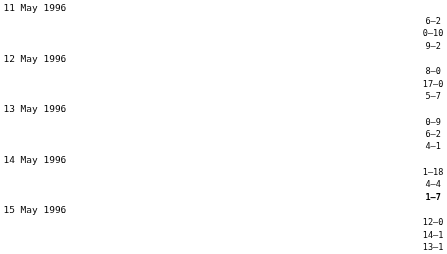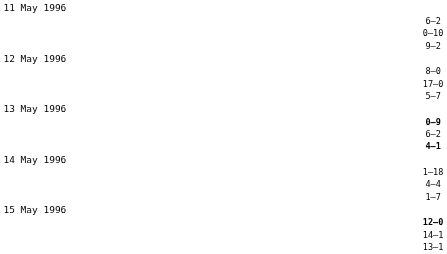 <table style="width:70%;" cellspacing="1">
 <tr>
 <th width=35%></th>
 <th width=15%></th>
 <th></th>
 </tr>
 <tr>
 <td>11 May 1996</td>
 </tr>
 <tr style=font-size:90%>
 <td align=right></td>
 <td align=center>6–2</td>
 <td></td>
 </tr>
 <tr style=font-size:90%>
 <td align=right></td>
 <td align=center>0–10</td>
 <td></td>
 </tr>
 <tr style=font-size:90%>
 <td align=right></td>
 <td align=center>9–2</td>
 <td></td>
 </tr>
 <tr>
 <td>12 May 1996</td>
 </tr>
 <tr style=font-size:90%>
 <td align=right></td>
 <td align=center>8–0</td>
 <td></td>
 </tr>
 <tr style=font-size:90%>
 <td align=right></td>
 <td align=center>17–0</td>
 <td></td>
 </tr>
 <tr style=font-size:90%>
 <td align=right></td>
 <td align=center>5–7</td>
 <td></td>
 </tr>
 <tr>
 <td>13 May 1996</td>
 </tr>
 <tr style=font-size:90%>
 <td align=right></td>
-<td align=center>0–9</td>
+<td align=center><strong>0–9</strong></td>
 <td></td>
 </tr>
 <tr style=font-size:90%>
 <td align=right></td>
 <td align=center>6–2</td>
 <td></td>
 </tr>
 <tr style=font-size:90%>
 <td align=right></td>
-<td align=center>4–1</td>
+<td align=center><strong>4–1</strong></td>
 <td></td>
 </tr>
 <tr>
 <td>14 May 1996</td>
 </tr>
 <tr style=font-size:90%>
 <td align=right></td>
 <td align=center>1–18</td>
 <td></td>
 </tr>
 <tr style=font-size:90%>
 <td align=right></td>
 <td align=center>4–4</td>
 <td></td>
 </tr>
 <tr style=font-size:90%>
 <td align=right></td>
-<td align=center><strong>1–7</strong></td>
+<td align=center>1–7</td>
 <td></td>
 </tr>
 <tr>
 <td>15 May 1996</td>
 </tr>
 <tr style=font-size:90%>
 <td align=right></td>
-<td align=center>12–0</td>
+<td align=center><strong>12–0</strong></td>
 <td></td>
 </tr>
 <tr style=font-size:90%>
 <td align=right></td>
 <td align=center>14–1</td>
 <td></td>
 </tr>
 <tr style=font-size:90%>
 <td align=right></td>
 <td align=center>13–1</td>
 <td></td>
 </tr>
 </table>
